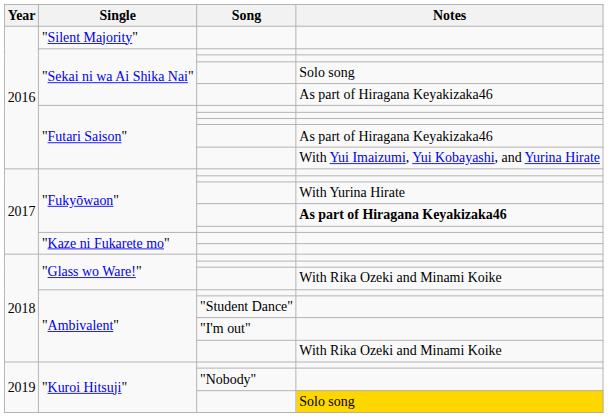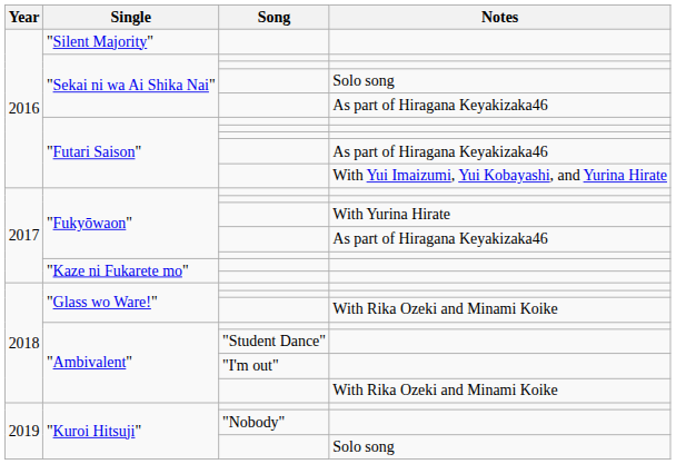 <table class="wikitable">
 <tr>
 <th>Year</th>
 <th>Single</th>
 <th>Song</th>
 <th>Notes</th>
 </tr>
 <tr>
 <td rowspan="10">2016</td>
 <td>"<a href='#'>Silent Majority</a>"</td>
 <td></td>
 <td></td>
 </tr>
 <tr>
 <td rowspan="4">"<a href='#'>Sekai ni wa Ai Shika Nai</a>"</td>
 <td></td>
 <td></td>
 </tr>
 <tr>
 <td></td>
 <td></td>
 </tr>
 <tr>
 <td></td>
 <td>Solo song</td>
 </tr>
 <tr>
 <td></td>
 <td>As part of Hiragana Keyakizaka46</td>
 </tr>
 <tr>
 <td rowspan="5">"<a href='#'>Futari Saison</a>"</td>
 <td></td>
 <td></td>
 </tr>
 <tr>
 <td></td>
 <td></td>
 </tr>
 <tr>
 <td></td>
 <td></td>
 </tr>
 <tr>
 <td></td>
 <td>As part of Hiragana Keyakizaka46</td>
 </tr>
 <tr>
 <td></td>
 <td>With <a href='#'>Yui Imaizumi</a>, <a href='#'>Yui Kobayashi</a>, and <a href='#'>Yurina Hirate</a></td>
 </tr>
 <tr>
 <td rowspan="7">2017</td>
 <td rowspan="5">"<a href='#'>Fukyōwaon</a>"</td>
 <td></td>
 <td></td>
 </tr>
 <tr>
 <td></td>
 <td></td>
 </tr>
 <tr>
 <td></td>
 <td>With Yurina Hirate</td>
 </tr>
 <tr>
 <td></td>
-<td><strong>As part of Hiragana Keyakizaka46</strong></td>
+<td>As part of Hiragana Keyakizaka46</td>
 </tr>
 <tr>
 <td></td>
 <td></td>
 </tr>
 <tr>
 <td rowspan="2">"<a href='#'>Kaze ni Fukarete mo</a>"</td>
 <td></td>
 <td></td>
 </tr>
 <tr>
 <td></td>
 <td></td>
 </tr>
 <tr>
 <td rowspan="7">2018</td>
 <td rowspan="3">"<a href='#'>Glass wo Ware!</a>"</td>
 <td></td>
 <td></td>
 </tr>
 <tr>
 <td></td>
 <td></td>
 </tr>
 <tr>
 <td></td>
 <td>With Rika Ozeki and Minami Koike</td>
 </tr>
 <tr>
 <td rowspan="4">"<a href='#'>Ambivalent</a>"</td>
 <td></td>
 <td></td>
 </tr>
 <tr>
 <td>"Student Dance"</td>
 <td></td>
 </tr>
 <tr>
 <td>"I'm out"</td>
 <td></td>
 </tr>
 <tr>
 <td></td>
 <td>With Rika Ozeki and Minami Koike</td>
 </tr>
 <tr>
 <td rowspan="3">2019</td>
 <td rowspan="3">"<a href='#'>Kuroi Hitsuji</a>"</td>
 <td></td>
 <td></td>
 </tr>
 <tr>
 <td>"Nobody"</td>
 <td></td>
 </tr>
 <tr>
 <td></td>
-<td style="background: gold;">Solo song</td>
+<td>Solo song</td>
 </tr>
 </table>
